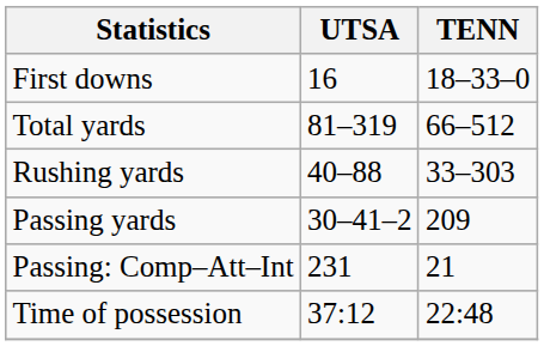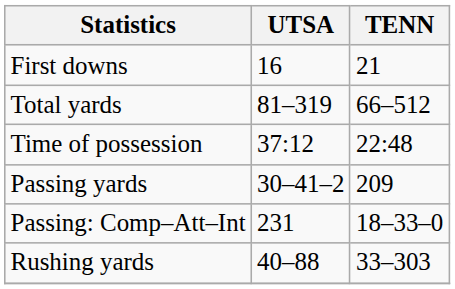 <table class="wikitable" style="float: left;">
 <tr>
 <th>Statistics</th>
 <th>UTSA</th>
 <th>TENN</th>
 </tr>
 <tr>
 <td>First downs</td>
 <td>16</td>
-<td>18–33–0</td>
+<td>21</td>
 </tr>
 <tr>
 <td>Total yards</td>
 <td>81–319</td>
 <td>66–512</td>
 </tr>
 <tr>
-<td>Rushing yards</td>
-<td>40–88</td>
-<td>33–303</td>
+<td>Time of possession</td>
+<td>37:12</td>
+<td>22:48</td>
 </tr>
 <tr>
 <td>Passing yards</td>
 <td>30–41–2</td>
 <td>209</td>
 </tr>
 <tr>
 <td>Passing: Comp–Att–Int</td>
 <td>231</td>
-<td>21</td>
+<td>18–33–0</td>
 </tr>
 <tr>
-<td>Time of possession</td>
-<td>37:12</td>
-<td>22:48</td>
+<td>Rushing yards</td>
+<td>40–88</td>
+<td>33–303</td>
 </tr>
 <tr>
 </tr>
 </table>
